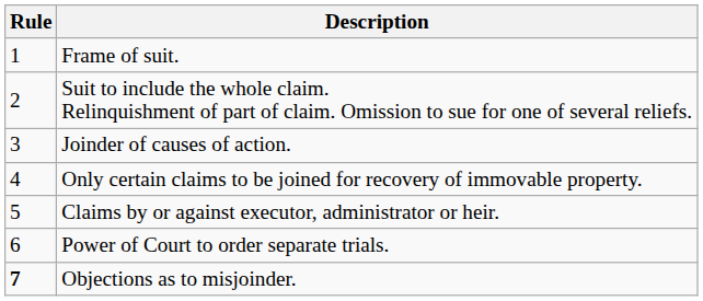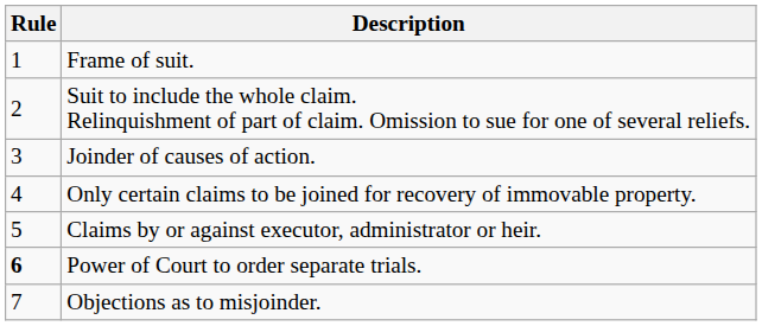 <table class="wikitable">
 <tr>
 <th>Rule</th>
 <th>Description</th>
 </tr>
 <tr>
 <td>1</td>
 <td>Frame of suit.</td>
 </tr>
 <tr>
 <td>2</td>
 <td>Suit to include the whole claim.<br>Relinquishment of part of claim. Omission to sue for one of several reliefs.</td>
 </tr>
 <tr>
 <td>3</td>
 <td>Joinder of causes of action.</td>
 </tr>
 <tr>
 <td>4</td>
 <td>Only certain claims to be joined for recovery of immovable property.</td>
 </tr>
 <tr>
 <td>5</td>
 <td>Claims by or against executor, administrator or heir.</td>
 </tr>
 <tr>
-<td>6</td>
+<td><strong>6</strong></td>
 <td>Power of Court to order separate trials.</td>
 </tr>
 <tr>
-<td><strong>7</strong></td>
+<td>7</td>
 <td>Objections as to misjoinder.</td>
 </tr>
 </table>
